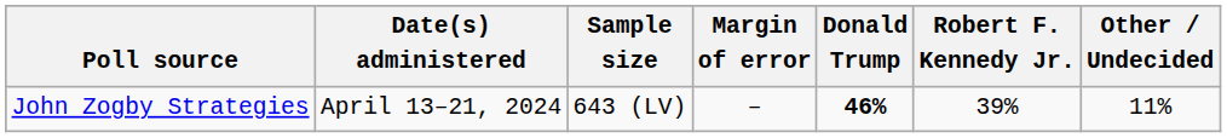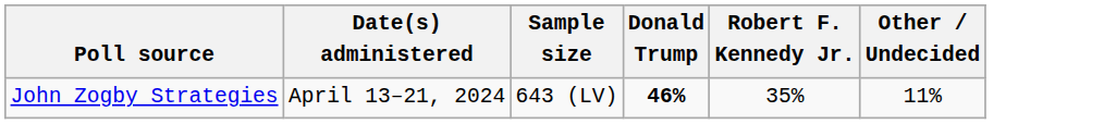 <table class="wikitable sortable mw-datatable" style="font-size:90%;text-align:center;line-height:17px">
 <tr valign=bottom>
 <th>Poll source</th>
 <th>Date(s)<br>administered</th>
 <th>Sample<br>size</th>
-<th>Margin<br>of error</th>
 <th class="unsortable">Donald<br>Trump<br></th>
 <th class="unsortable">Robert F.<br>Kennedy Jr.<br></th>
 <th class="unsortable">Other /<br>Undecided</th>
 </tr>
 <tr>
 <td style="text-align:left;"><a href='#'>John Zogby Strategies</a></td>
 <td data-sort-value="2024-05-01">April 13–21, 2024</td>
 <td>643 (LV)</td>
-<td>–</td>
 <td style="background-color:"><strong>46%</strong></td>
-<td>39%</td>
+<td>35%</td>
 <td>11%</td>
 </tr>
 </table>
